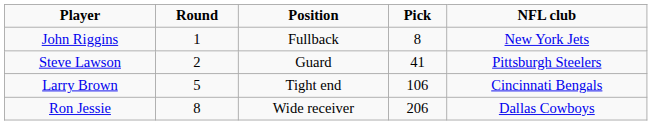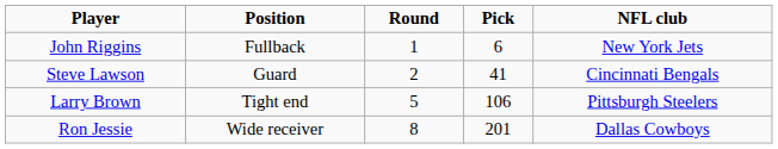 <table class="wikitable" width="80%">
 <tr align="center">
 <td><strong>Player</strong></td>
+<td><strong>Position</strong></td>
 <td><strong>Round</strong></td>
-<td><strong>Position</strong></td>
 <td><strong>Pick</strong></td>
 <td><strong>NFL club</strong></td>
 </tr>
 <tr align="center" bgcolor="">
 <td><a href='#'>John Riggins</a></td>
+<td>Fullback</td>
 <td>1</td>
-<td>Fullback</td>
-<td>8</td>
+<td>6</td>
 <td><a href='#'>New York Jets</a></td>
 </tr>
 <tr align="center" bgcolor="">
 <td><a href='#'>Steve Lawson</a></td>
+<td>Guard</td>
 <td>2</td>
-<td>Guard</td>
 <td>41</td>
+<td><a href='#'>Cincinnati Bengals</a></td>
+</tr>
+<tr align="center" bgcolor="">
+<td><a href='#'>Larry Brown</a></td>
+<td>Tight end</td>
+<td>5</td>
+<td>106</td>
 <td><a href='#'>Pittsburgh Steelers</a></td>
 </tr>
 <tr align="center" bgcolor="">
-<td><a href='#'>Larry Brown</a></td>
-<td>5</td>
-<td>Tight end</td>
-<td>106</td>
-<td><a href='#'>Cincinnati Bengals</a></td>
-</tr>
-<tr align="center" bgcolor="">
 <td><a href='#'>Ron Jessie</a></td>
+<td>Wide receiver</td>
 <td>8</td>
-<td>Wide receiver</td>
-<td>206</td>
+<td>201</td>
 <td><a href='#'>Dallas Cowboys</a></td>
 </tr>
 </table>
